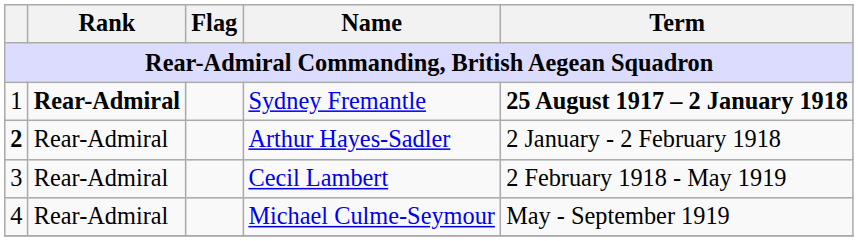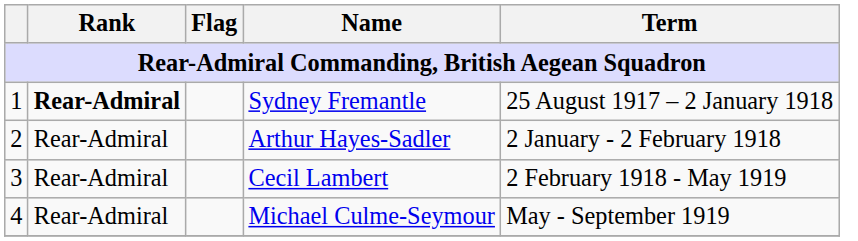 <table class="wikitable">
 <tr>
 <th></th>
 <th>Rank</th>
 <th>Flag</th>
 <th>Name</th>
 <th>Term</th>
 </tr>
 <tr>
 <td colspan="5" align="center" style="background:#dcdcfe;"><strong>Rear-Admiral Commanding, British Aegean Squadron</strong></td>
 </tr>
 <tr>
 <td>1</td>
 <td><strong>Rear-Admiral</strong></td>
 <td></td>
 <td><a href='#'>Sydney Fremantle</a></td>
-<td><strong>25 August 1917 – 2 January 1918</strong></td>
+<td>25 August 1917 – 2 January 1918</td>
 </tr>
 <tr>
-<td><strong>2</strong></td>
+<td>2</td>
 <td>Rear-Admiral</td>
 <td></td>
 <td><a href='#'>Arthur Hayes-Sadler</a></td>
 <td>2 January - 2 February 1918</td>
 </tr>
 <tr>
 <td>3</td>
 <td>Rear-Admiral</td>
 <td></td>
 <td><a href='#'>Cecil Lambert</a></td>
 <td>2 February 1918 - May 1919</td>
 </tr>
 <tr>
 <td>4</td>
 <td>Rear-Admiral</td>
 <td></td>
 <td><a href='#'>Michael Culme-Seymour</a></td>
 <td>May - September 1919</td>
 </tr>
 <tr>
 </tr>
 </table>
